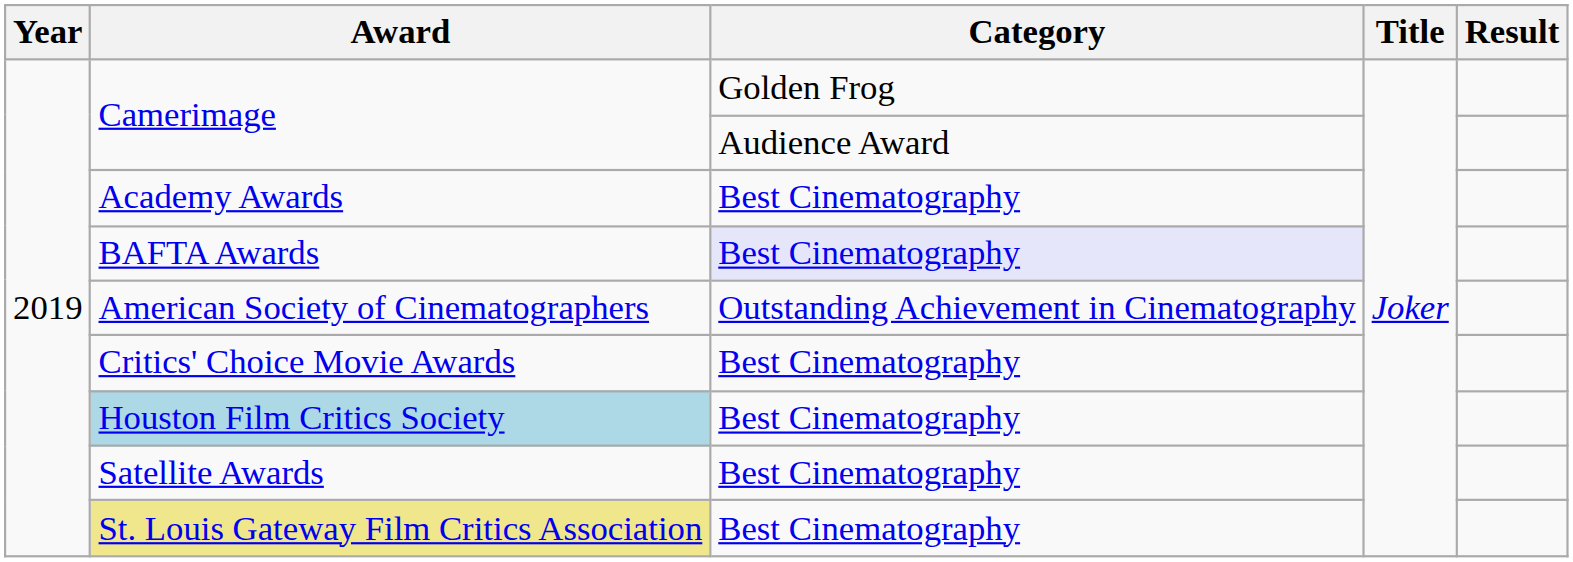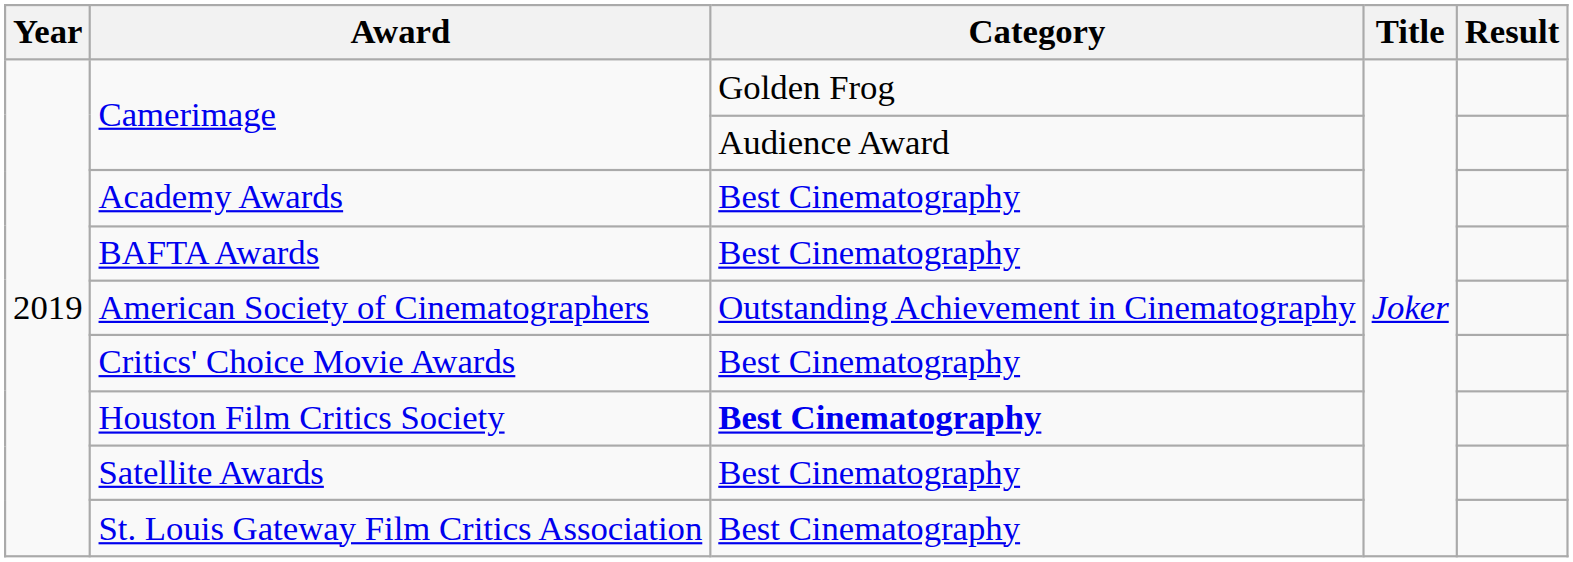 <table class="wikitable">
 <tr>
 <th>Year</th>
 <th>Award</th>
 <th>Category</th>
 <th>Title</th>
 <th>Result</th>
 </tr>
 <tr>
 <td rowspan=9>2019</td>
 <td rowspan=2><a href='#'>Camerimage</a></td>
 <td>Golden Frog</td>
 <td rowspan=9><em><a href='#'>Joker</a></em></td>
 <td></td>
 </tr>
 <tr>
 <td>Audience Award</td>
 <td></td>
 </tr>
 <tr>
 <td><a href='#'>Academy Awards</a></td>
 <td><a href='#'>Best Cinematography</a></td>
 <td></td>
 </tr>
 <tr>
 <td><a href='#'>BAFTA Awards</a></td>
-<td style="background: lavender;"><a href='#'>Best Cinematography</a></td>
+<td><a href='#'>Best Cinematography</a></td>
 <td></td>
 </tr>
 <tr>
 <td><a href='#'>American Society of Cinematographers</a></td>
 <td><a href='#'>Outstanding Achievement in Cinematography</a></td>
 <td></td>
 </tr>
 <tr>
 <td><a href='#'>Critics' Choice Movie Awards</a></td>
 <td><a href='#'>Best Cinematography</a></td>
 <td></td>
 </tr>
 <tr>
-<td style="background: lightblue;"><a href='#'>Houston Film Critics Society</a></td>
-<td><a href='#'>Best Cinematography</a></td>
+<td><a href='#'>Houston Film Critics Society</a></td>
+<td><strong><a href='#'>Best Cinematography</a></strong></td>
 <td></td>
 </tr>
 <tr>
 <td><a href='#'>Satellite Awards</a></td>
 <td><a href='#'>Best Cinematography</a></td>
 <td></td>
 </tr>
 <tr>
-<td style="background: khaki;"><a href='#'>St. Louis Gateway Film Critics Association</a></td>
+<td><a href='#'>St. Louis Gateway Film Critics Association</a></td>
 <td><a href='#'>Best Cinematography</a></td>
 <td></td>
 </tr>
 </table>
